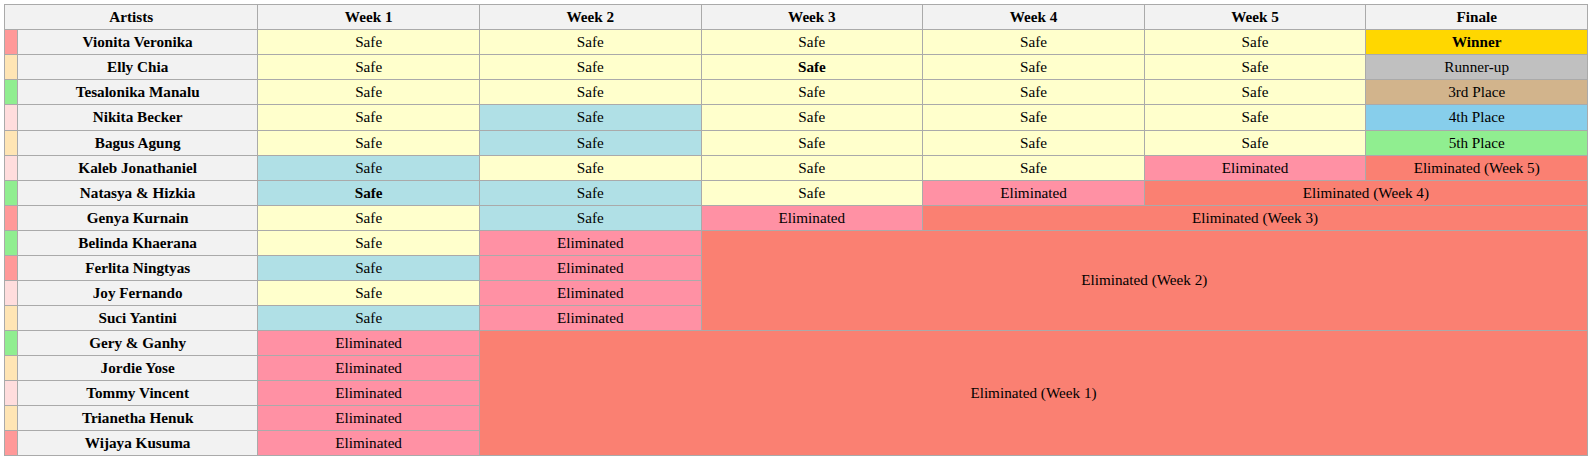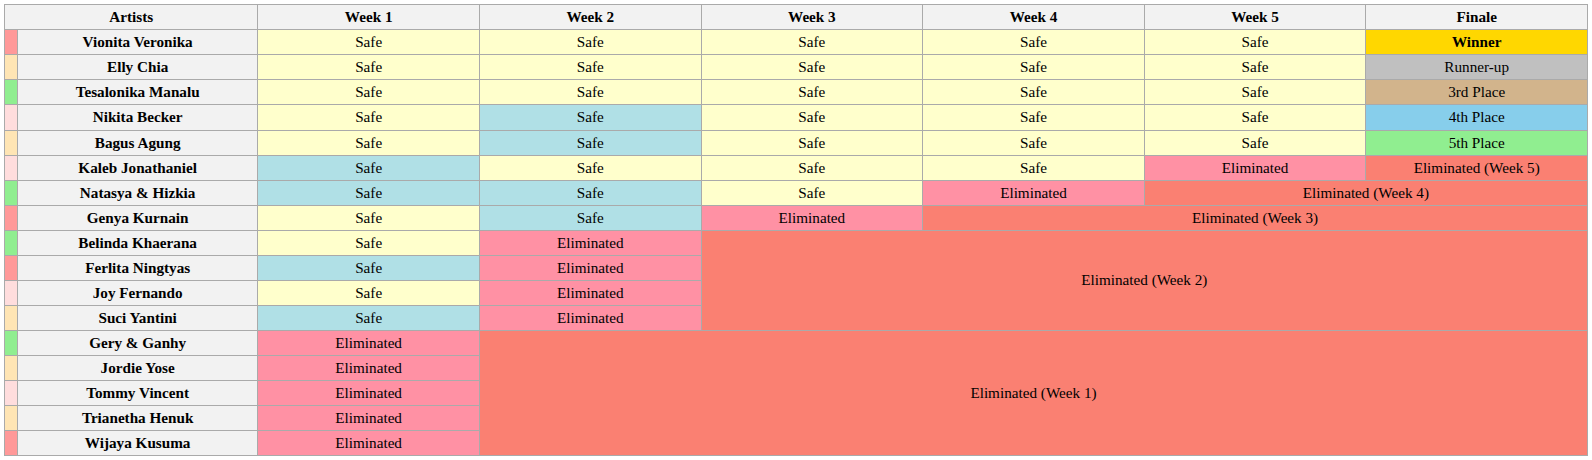 <table class="wikitable"  style="text-align:center; font-size:95%; width:100%;">
 <tr>
 </tr>
 <tr>
 <th colspan="2">Artists</th>
 <th style="width:14%;">Week 1</th>
 <th style="width:14%;">Week 2</th>
 <th style="width:14%;">Week 3</th>
 <th style="width:14%;">Week 4</th>
 <th style="width:14%;">Week 5</th>
 <th style="width:14%;">Finale</th>
 </tr>
 <tr>
 <th style="background:#ff9999;"></th>
 <th>Vionita Veronika</th>
 <td style="background:#FFFFCC;">Safe</td>
 <td style="background:#FFFFCC;">Safe</td>
 <td style="background:#FFFFCC;">Safe</td>
 <td style="background:#FFFFCC;">Safe</td>
 <td style="background:#FFFFCC;">Safe</td>
 <td style="background:gold;"><strong>Winner</strong></td>
 </tr>
 <tr>
 <th style="background:#ffe5b4;"></th>
 <th>Elly Chia</th>
 <td style="background:#FFFFCC;">Safe</td>
 <td style="background:#FFFFCC;">Safe</td>
-<td style="background:#FFFFCC;"><strong>Safe</strong></td>
+<td style="background:#FFFFCC;">Safe</td>
 <td style="background:#FFFFCC;">Safe</td>
 <td style="background:#FFFFCC;">Safe</td>
 <td style="background:silver;">Runner-up</td>
 </tr>
 <tr>
 <th style="background:#90ee90;"></th>
 <th>Tesalonika Manalu</th>
 <td style="background:#FFFFCC;">Safe</td>
 <td style="background:#FFFFCC;">Safe</td>
 <td style="background:#FFFFCC;">Safe</td>
 <td style="background:#FFFFCC;">Safe</td>
 <td style="background:#FFFFCC;">Safe</td>
 <td style="background:tan;">3rd Place</td>
 </tr>
 <tr>
 <th style="background:#ffdddd;"></th>
 <th>Nikita Becker</th>
 <td style="background:#FFFFCC;">Safe</td>
 <td style="background:#B0E0E6;">Safe</td>
 <td style="background:#FFFFCC;">Safe</td>
 <td style="background:#FFFFCC;">Safe</td>
 <td style="background:#FFFFCC;">Safe</td>
 <td style="background:skyblue;">4th Place</td>
 </tr>
 <tr>
 <th style="background:#ffe5b4;"></th>
 <th>Bagus Agung</th>
 <td style="background:#FFFFCC;">Safe</td>
 <td style="background:#B0E0E6;">Safe</td>
 <td style="background:#FFFFCC;">Safe</td>
 <td style="background:#FFFFCC;">Safe</td>
 <td style="background:#FFFFCC;">Safe</td>
 <td style="background:lightgreen;">5th Place</td>
 </tr>
 <tr>
 <th style="background:#ffdddd;"></th>
 <th>Kaleb Jonathaniel</th>
 <td style="background:#B0E0E6;">Safe</td>
 <td style="background:#FFFFCC;">Safe</td>
 <td style="background:#FFFFCC;">Safe</td>
 <td style="background:#FFFFCC;">Safe</td>
 <td style="background:#FF91A4;">Eliminated</td>
 <td style="background:salmon;">Eliminated (Week 5)</td>
 </tr>
 <tr>
 <th style="background:#90ee90;"></th>
 <th>Natasya & Hizkia</th>
-<td style="background:#B0E0E6;"><strong>Safe</strong></td>
+<td style="background:#B0E0E6;">Safe</td>
 <td style="background:#B0E0E6;">Safe</td>
 <td style="background:#FFFFCC;">Safe</td>
 <td style="background:#FF91A4;">Eliminated</td>
 <td colspan="2" style="background:salmon;">Eliminated (Week 4)</td>
 </tr>
 <tr>
 <th style="background:#ff9999;"></th>
 <th>Genya Kurnain</th>
 <td style="background:#FFFFCC;">Safe</td>
 <td style="background:#B0E0E6;">Safe</td>
 <td style="background:#FF91A4;">Eliminated</td>
 <td colspan="4" style="background:salmon;">Eliminated (Week 3)</td>
 </tr>
 <tr>
 <th style="background:#90ee90;"></th>
 <th>Belinda Khaerana</th>
 <td style="background:#FFFFCC;">Safe</td>
 <td style="background:#FF91A4;">Eliminated</td>
 <td rowspan="4" colspan="5" style="background:salmon;">Eliminated (Week 2)</td>
 </tr>
 <tr>
 <th style="background:#ff9999;"></th>
 <th>Ferlita Ningtyas</th>
 <td style="background:#B0E0E6;">Safe</td>
 <td style="background:#FF91A4;">Eliminated</td>
 </tr>
 <tr>
 <th style="background:#ffdddd;"></th>
 <th>Joy Fernando</th>
 <td style="background:#FFFFCC;">Safe</td>
 <td style="background:#FF91A4;">Eliminated</td>
 </tr>
 <tr>
 <th style="background:#ffe5b4;"></th>
 <th>Suci Yantini</th>
 <td style="background:#B0E0E6;">Safe</td>
 <td style="background:#FF91A4;">Eliminated</td>
 </tr>
 <tr>
 <th style="background:#90ee90;"></th>
 <th>Gery & Ganhy</th>
 <td style="background:#FF91A4;">Eliminated</td>
 <td rowspan="5" colspan="5" style="background:salmon;">Eliminated (Week 1)</td>
 </tr>
 <tr>
 <th style="background:#ffe5b4;"></th>
 <th>Jordie Yose</th>
 <td style="background:#FF91A4;">Eliminated</td>
 </tr>
 <tr>
 <th style="background:#ffdddd;"></th>
 <th>Tommy Vincent</th>
 <td style="background:#FF91A4;">Eliminated</td>
 </tr>
 <tr>
 <th style="background:#ffe5b4;"></th>
 <th>Trianetha Henuk</th>
 <td style="background:#FF91A4;">Eliminated</td>
 </tr>
 <tr>
 <th style="background:#ff9999;"></th>
 <th>Wijaya Kusuma</th>
 <td style="background:#FF91A4;">Eliminated</td>
 </tr>
 <tr>
 </tr>
 </table>
